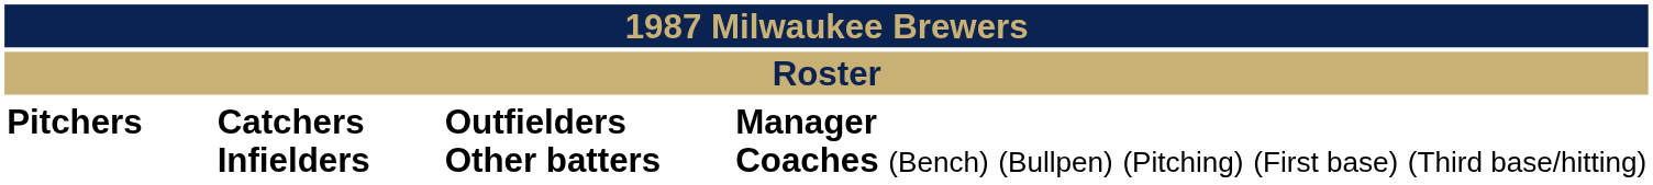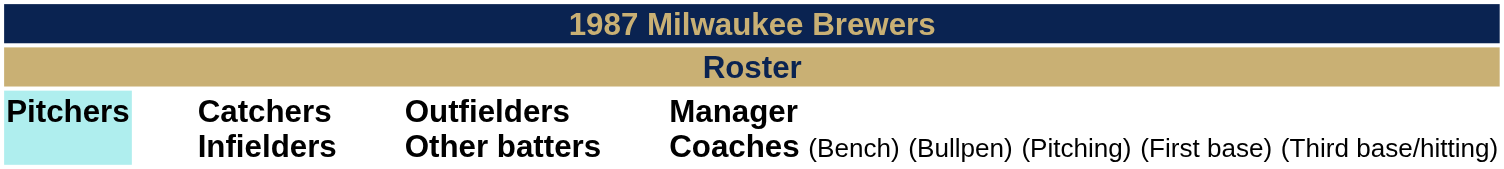 <table class="toccolours" style="font-size: 95%;">
 <tr>
 <th colspan="10" style="background-color: #0a2351;; color: #c9b074; text-align: center;">1987 Milwaukee Brewers</th>
 </tr>
 <tr>
 <td colspan="10" style="background-color: #c9b074; color: #0a2351; text-align: center;"><strong>Roster</strong></td>
 </tr>
 <tr>
-<td valign="top"><strong>Pitchers</strong><br>                </td>
+<td valign="top" style="background: paleturquoise;"><strong>Pitchers</strong><br>                </td>
 <td width="25px"></td>
 <td valign="top"><strong>Catchers</strong><br>   <strong>Infielders</strong>         </td>
 <td width="25px"></td>
 <td valign="top"><strong>Outfielders</strong><br>      <strong>Other batters</strong>  </td>
 <td width="25px"></td>
 <td valign="top"><strong>Manager</strong><br> <strong>Coaches</strong>  <small>(Bench)</small>  <small>(Bullpen)</small>  <small>(Pitching)</small>  <small>(First base)</small>  <small>(Third base/hitting)</small></td>
 </tr>
 <tr>
 </tr>
 </table>
